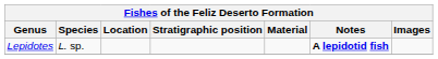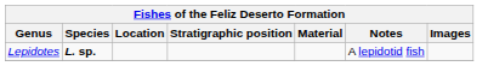 <table class="wikitable" align="center">
 <tr>
 <th colspan="7" align="center"><a href='#'>Fishes</a> of the Feliz Deserto Formation</th>
 </tr>
 <tr>
 <th>Genus</th>
 <th>Species</th>
 <th>Location</th>
 <th>Stratigraphic position</th>
 <th>Material</th>
 <th>Notes</th>
 <th>Images</th>
 </tr>
 <tr>
 <td><em><a href='#'>Lepidotes</a></em></td>
-<td><em>L.</em> sp.</td>
+<td><strong><em>L.</em> sp.</strong></td>
 <td></td>
 <td></td>
 <td></td>
-<td><strong>A <a href='#'>lepidotid</a> <a href='#'>fish</a></strong></td>
+<td>A <a href='#'>lepidotid</a> <a href='#'>fish</a></td>
 <td></td>
 </tr>
 <tr>
 </tr>
 </table>
